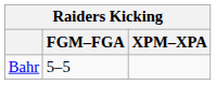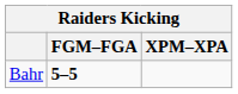 <table class="wikitable">
 <tr>
 <th colspan="3">Raiders Kicking</th>
 </tr>
 <tr>
 <th></th>
 <th>FGM–FGA</th>
 <th>XPM–XPA</th>
 </tr>
 <tr>
 <td><a href='#'>Bahr</a></td>
-<td>5–5</td>
+<td><strong>5–5</strong></td>
 <td></td>
 </tr>
 </table>
